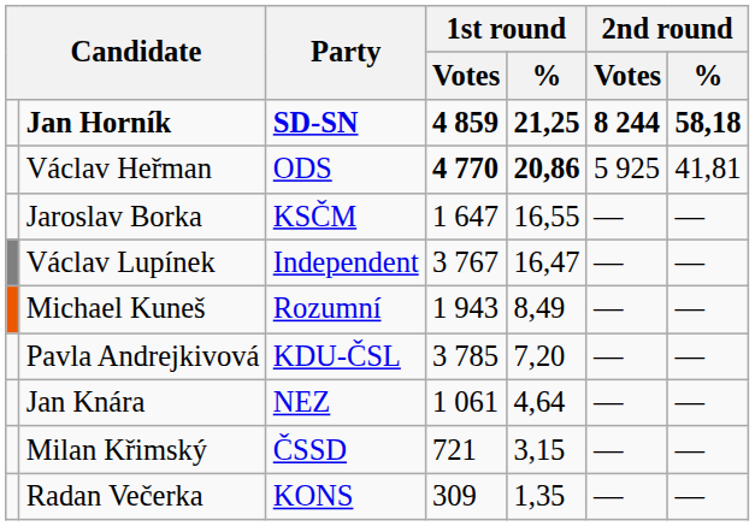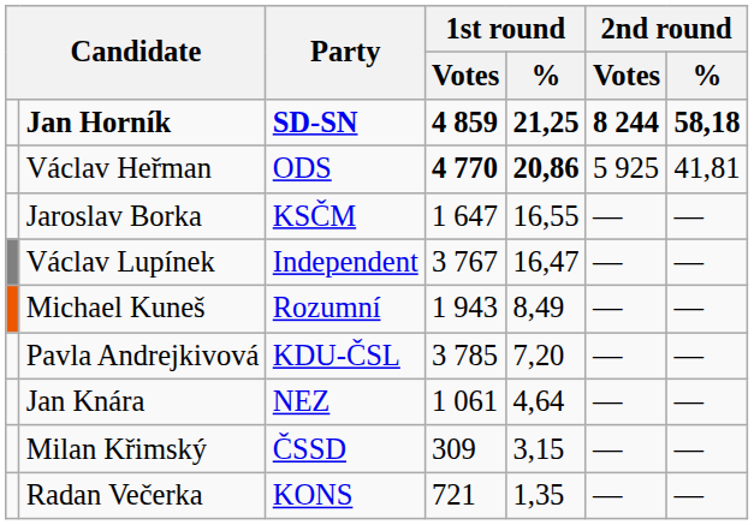 <table class="wikitable sortable">
 <tr>
 <th colspan="2" rowspan="2">Candidate</th>
 <th rowspan="2">Party</th>
 <th colspan="2">1st round</th>
 <th colspan="2">2nd round</th>
 </tr>
 <tr>
 <th>Votes</th>
 <th>%</th>
 <th>Votes</th>
 <th>%</th>
 </tr>
 <tr>
 <td style="background-color:"></td>
 <td><strong>Jan Horník</strong></td>
 <td><strong><a href='#'>SD-SN</a></strong></td>
 <td><strong>4 859</strong></td>
 <td><strong>21,25</strong></td>
 <td><strong>8 244</strong></td>
 <td><strong>58,18</strong></td>
 </tr>
 <tr>
 <td style="background-color:"></td>
 <td>Václav Heřman</td>
 <td><a href='#'>ODS</a></td>
 <td><strong>4 770</strong></td>
 <td><strong>20,86</strong></td>
 <td>5 925</td>
 <td>41,81</td>
 </tr>
 <tr>
 <td style="background-color:"></td>
 <td>Jaroslav Borka</td>
 <td><a href='#'>KSČM</a></td>
 <td>1 647</td>
 <td>16,55</td>
 <td>—</td>
 <td>—</td>
 </tr>
 <tr>
 <td style="background-color:grey"></td>
 <td>Václav Lupínek</td>
 <td><a href='#'>Independent</a></td>
 <td>3 767</td>
 <td>16,47</td>
 <td>—</td>
 <td>—</td>
 </tr>
 <tr>
 <td style="background-color:#EC5800;"></td>
 <td>Michael Kuneš</td>
 <td><a href='#'>Rozumní</a></td>
 <td>1 943</td>
 <td>8,49</td>
 <td>—</td>
 <td>—</td>
 </tr>
 <tr>
 <td style="background-color:"></td>
 <td>Pavla Andrejkivová</td>
 <td><a href='#'>KDU-ČSL</a></td>
 <td>3 785</td>
 <td>7,20</td>
 <td>—</td>
 <td>—</td>
 </tr>
 <tr>
 <td style="background-color:"></td>
 <td>Jan Knára</td>
 <td><a href='#'>NEZ</a></td>
 <td>1 061</td>
 <td>4,64</td>
 <td>—</td>
 <td>—</td>
 </tr>
 <tr>
 <td style="background-color:"></td>
 <td>Milan Křimský</td>
 <td><a href='#'>ČSSD</a></td>
-<td>721</td>
+<td>309</td>
 <td>3,15</td>
 <td>—</td>
 <td>—</td>
 </tr>
 <tr>
 <td style="background-color:"></td>
 <td>Radan Večerka</td>
 <td><a href='#'>KONS</a></td>
-<td>309</td>
+<td>721</td>
 <td>1,35</td>
 <td>—</td>
 <td>—</td>
 </tr>
 </table>
